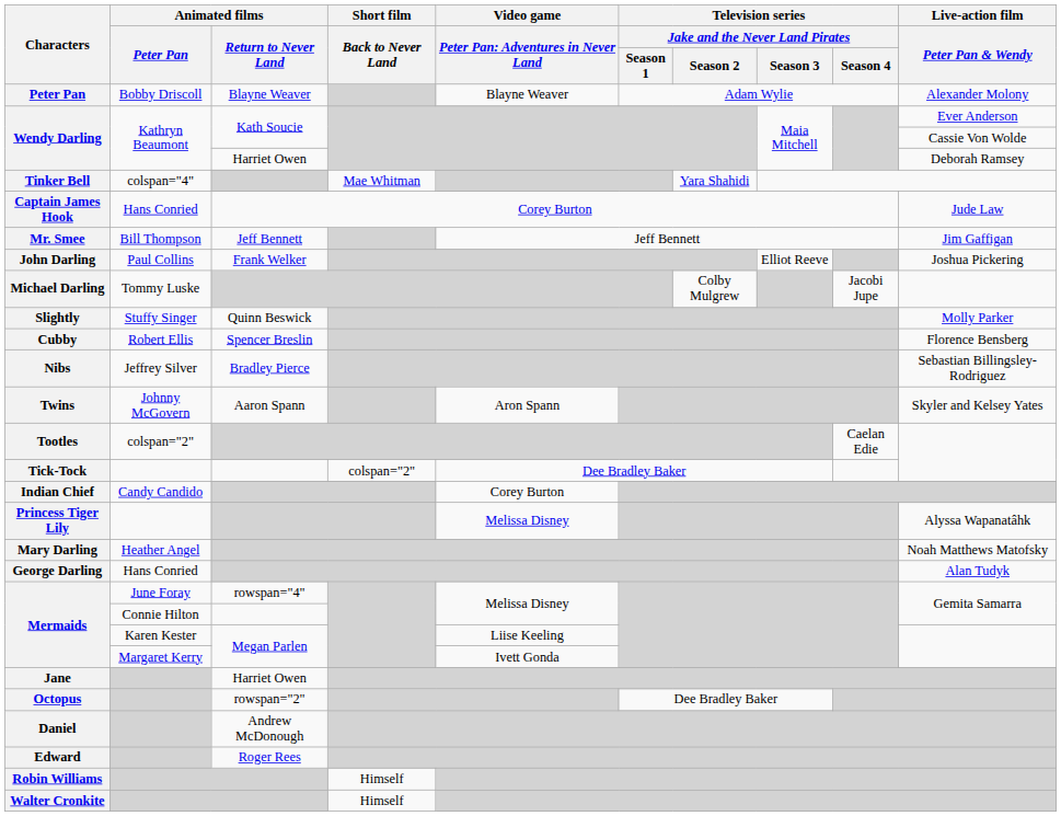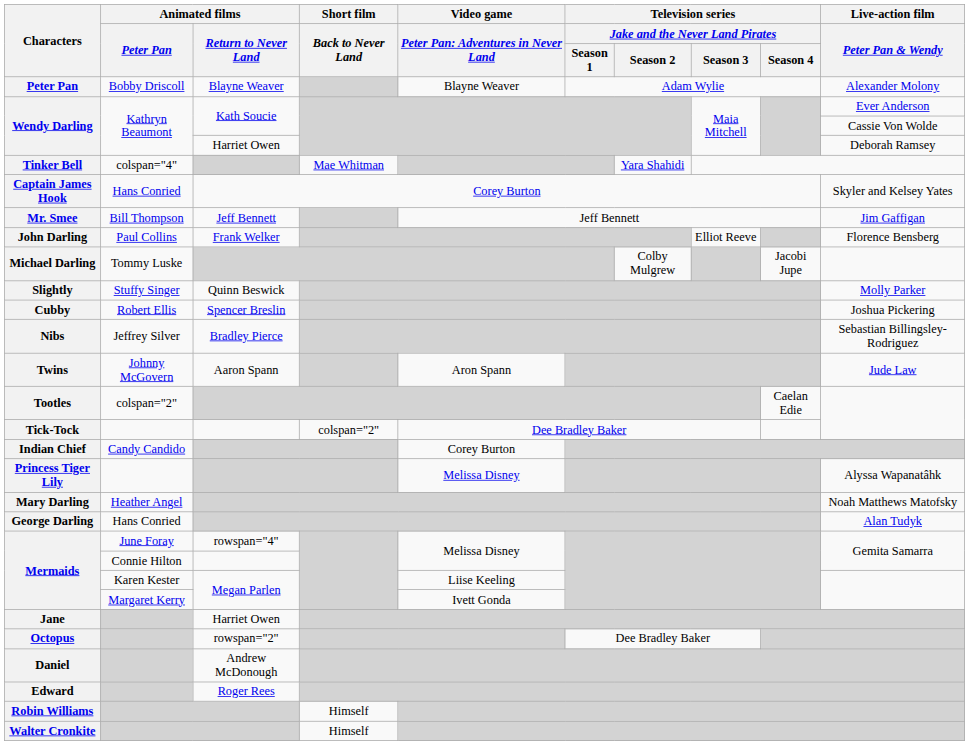 <table class="wikitable" style="text-align:center;">
 <tr>
 <th rowspan="3" style="width:10%;">Characters</th>
 <th colspan="2">Animated films</th>
 <th>Short film</th>
 <th>Video game</th>
 <th colspan="4">Television series</th>
 <th>Live-action film</th>
 </tr>
 <tr>
 <th rowspan="2"><em><a href='#'>Peter Pan</a></em></th>
 <th rowspan="2"><em><a href='#'>Return to Never Land</a></em></th>
 <th rowspan="2"><em>Back to Never Land</em></th>
 <th rowspan="2"><em><a href='#'>Peter Pan: Adventures in Never Land</a></em></th>
 <th colspan="4"><em><a href='#'>Jake and the Never Land Pirates</a></em></th>
 <th rowspan="2"><em><a href='#'>Peter Pan & Wendy</a></em></th>
 </tr>
 <tr>
 <th>Season 1</th>
 <th>Season 2</th>
 <th>Season 3</th>
 <th>Season 4</th>
 </tr>
 <tr>
 <th><a href='#'>Peter Pan</a></th>
 <td><a href='#'>Bobby Driscoll</a></td>
 <td><a href='#'>Blayne Weaver</a></td>
 <td style="background:#d3d3d3;"></td>
 <td>Blayne Weaver</td>
 <td colspan="4"><a href='#'>Adam Wylie</a></td>
 <td><a href='#'>Alexander Molony</a></td>
 </tr>
 <tr>
 <th rowspan="3"><a href='#'>Wendy Darling</a></th>
 <td rowspan="3"><a href='#'>Kathryn Beaumont</a></td>
 <td rowspan="2"><a href='#'>Kath Soucie</a></td>
 <td rowspan="3" colspan="4" style="background:#d3d3d3;"></td>
 <td rowspan="3"><a href='#'>Maia Mitchell</a></td>
 <td rowspan="3" style="background:#d3d3d3;"></td>
 <td><a href='#'>Ever Anderson</a></td>
 </tr>
 <tr>
 <td>Cassie Von Wolde</td>
 </tr>
 <tr>
 <td>Harriet Owen</td>
 <td>Deborah Ramsey</td>
 </tr>
 <tr>
 <th><a href='#'>Tinker Bell</a></th>
 <td>colspan="4" </td>
 <td style="background:#d3d3d3;"></td>
 <td><a href='#'>Mae Whitman</a></td>
 <td colspan="2" style="background:#d3d3d3;"></td>
 <td><a href='#'>Yara Shahidi</a></td>
 </tr>
 <tr>
 <th><a href='#'>Captain James Hook</a></th>
 <td><a href='#'>Hans Conried</a></td>
 <td colspan="7"><a href='#'>Corey Burton</a></td>
-<td><a href='#'>Jude Law</a></td>
+<td>Skyler and Kelsey Yates</td>
 </tr>
 <tr>
 <th><a href='#'>Mr. Smee</a></th>
 <td><a href='#'>Bill Thompson</a></td>
 <td><a href='#'>Jeff Bennett</a></td>
 <td style="background:#d3d3d3;"></td>
 <td colspan="5">Jeff Bennett</td>
 <td><a href='#'>Jim Gaffigan</a></td>
 </tr>
 <tr>
 <th>John Darling</th>
 <td><a href='#'>Paul Collins</a></td>
 <td><a href='#'>Frank Welker</a></td>
 <td colspan="4" style="background:#d3d3d3;"></td>
 <td>Elliot Reeve</td>
 <td style="background:#d3d3d3;"></td>
-<td>Joshua Pickering</td>
+<td>Florence Bensberg</td>
 </tr>
 <tr>
 <th>Michael Darling</th>
 <td>Tommy Luske</td>
 <td colspan="4" style="background:#d3d3d3;"></td>
 <td>Colby Mulgrew</td>
 <td style="background:#d3d3d3;"></td>
 <td>Jacobi Jupe</td>
 </tr>
 <tr>
 <th>Slightly</th>
 <td><a href='#'>Stuffy Singer</a></td>
 <td>Quinn Beswick</td>
 <td colspan="6" style="background:#d3d3d3;"></td>
 <td><a href='#'>Molly Parker</a></td>
 </tr>
 <tr>
 <th>Cubby</th>
 <td><a href='#'>Robert Ellis</a></td>
 <td><a href='#'>Spencer Breslin</a></td>
 <td colspan="6" style="background:#d3d3d3;"></td>
-<td>Florence Bensberg</td>
+<td>Joshua Pickering</td>
 </tr>
 <tr>
 <th>Nibs</th>
 <td>Jeffrey Silver</td>
 <td><a href='#'>Bradley Pierce</a></td>
 <td colspan="6" style="background:#d3d3d3;"></td>
 <td>Sebastian Billingsley-Rodriguez</td>
 </tr>
 <tr>
 <th>Twins</th>
 <td><a href='#'>Johnny McGovern</a></td>
 <td>Aaron Spann</td>
 <td style="background:#d3d3d3;"></td>
 <td>Aron Spann</td>
 <td colspan="4" style="background:#d3d3d3;"></td>
-<td>Skyler and Kelsey Yates</td>
+<td><a href='#'>Jude Law</a></td>
 </tr>
 <tr>
 <th>Tootles</th>
 <td>colspan="2" </td>
 <td colspan="6" style="background:#d3d3d3;"></td>
 <td>Caelan Edie</td>
 </tr>
 <tr>
 <th>Tick-Tock</th>
 <td></td>
 <td></td>
 <td>colspan="2" </td>
 <td colspan="4"><a href='#'>Dee Bradley Baker</a></td>
 <td></td>
 </tr>
 <tr>
 <th>Indian Chief</th>
 <td><a href='#'>Candy Candido</a></td>
 <td colspan="2" style="background:#d3d3d3;"></td>
 <td>Corey Burton</td>
 <td colspan="5" style="background:#d3d3d3;"></td>
 </tr>
 <tr>
 <th><a href='#'>Princess Tiger Lily</a></th>
 <td></td>
 <td colspan="2" style="background:#d3d3d3;"></td>
 <td><a href='#'>Melissa Disney</a></td>
 <td colspan="4" style="background:#d3d3d3;"></td>
 <td>Alyssa Wapanatâhk</td>
 </tr>
 <tr>
 <th>Mary Darling</th>
 <td><a href='#'>Heather Angel</a></td>
 <td colspan="7" style="background:#d3d3d3;"></td>
 <td>Noah Matthews Matofsky</td>
 </tr>
 <tr>
 <th>George Darling</th>
 <td>Hans Conried</td>
 <td colspan="7" style="background:#d3d3d3;"></td>
 <td><a href='#'>Alan Tudyk</a></td>
 </tr>
 <tr>
 <th rowspan="4"><a href='#'>Mermaids</a></th>
 <td><a href='#'>June Foray</a></td>
 <td>rowspan="4" </td>
 <td rowspan="4" style="background:#d3d3d3;"></td>
 <td rowspan="2">Melissa Disney</td>
 <td colspan="4" rowspan="4" style="background:#d3d3d3;"></td>
 <td rowspan="2">Gemita Samarra</td>
 </tr>
 <tr>
 <td>Connie Hilton</td>
 </tr>
 <tr>
 <td>Karen Kester</td>
 <td rowspan="2"><a href='#'>Megan Parlen</a></td>
 <td>Liise Keeling</td>
 </tr>
 <tr>
 <td><a href='#'>Margaret Kerry</a></td>
 <td>Ivett Gonda</td>
 </tr>
 <tr>
 <th>Jane</th>
 <td style="background:#d3d3d3;"></td>
 <td>Harriet Owen</td>
 <td colspan="7" style="background:#d3d3d3;"></td>
 </tr>
 <tr>
 <th><a href='#'>Octopus</a></th>
 <td style="background:#d3d3d3;"></td>
 <td>rowspan="2" </td>
 <td colspan="2" style="background:#d3d3d3;"></td>
 <td colspan="3">Dee Bradley Baker</td>
 <td colspan="2" style="background:#d3d3d3;"></td>
 </tr>
 <tr>
 <th>Daniel</th>
 <td style="background:#d3d3d3;"></td>
 <td>Andrew McDonough</td>
 <td colspan="7" style="background:#d3d3d3;"></td>
 </tr>
 <tr>
 <th>Edward</th>
 <td style="background:#d3d3d3;"></td>
 <td><a href='#'>Roger Rees</a></td>
 <td colspan="7" style="background:#d3d3d3;"></td>
 </tr>
 <tr>
 <th><a href='#'>Robin Williams</a></th>
 <td colspan="2" style="background:#d3d3d3;"></td>
 <td>Himself</td>
 <td colspan="6" style="background:#d3d3d3;"></td>
 </tr>
 <tr>
 <th><a href='#'>Walter Cronkite</a></th>
 <td colspan="2" style="background:#d3d3d3;"></td>
 <td>Himself</td>
 <td colspan="6" style="background:#d3d3d3;"></td>
 </tr>
 </table>
